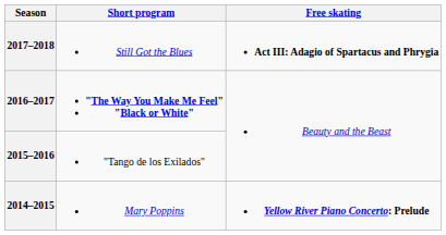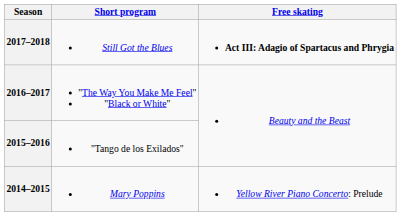 <table class=wikitable style=text-align:center>
 <tr>
 <th>Season</th>
 <th><a href='#'>Short program</a></th>
 <th><a href='#'>Free skating</a></th>
 </tr>
 <tr>
 <th>2017–2018 <br> </th>
 <td><br><ul><li><em><a href='#'>Still Got the Blues</a></em> <br></li></ul></td>
 <td><strong><br><ul><li>Act III: Adagio of Spartacus and Phrygia <br></li></ul></strong></td>
 </tr>
 <tr>
 <th>2016–2017 <br> </th>
-<td><strong><br><ul><li>"<a href='#'>The Way You Make Me Feel</a>" <br></li><li>"<a href='#'>Black or White</a>" <br></li></ul></strong></td>
+<td><br><ul><li>"<a href='#'>The Way You Make Me Feel</a>" <br></li><li>"<a href='#'>Black or White</a>" <br></li></ul></td>
 <td rowspan=2><br><ul><li><em><a href='#'>Beauty and the Beast</a></em> <br></li></ul></td>
 </tr>
 <tr>
 <th>2015–2016 <br> </th>
 <td><br><ul><li>"Tango de los Exilados" <br></li></ul></td>
 </tr>
 <tr>
 <th>2014–2015 <br> </th>
 <td><br><ul><li><em><a href='#'>Mary Poppins</a></em> <br></li></ul></td>
-<td><strong><br><ul><li><em><a href='#'>Yellow River Piano Concerto</a></em>: Prelude <br></li></ul></strong></td>
+<td><br><ul><li><em><a href='#'>Yellow River Piano Concerto</a></em>: Prelude <br></li></ul></td>
 </tr>
 </table>
